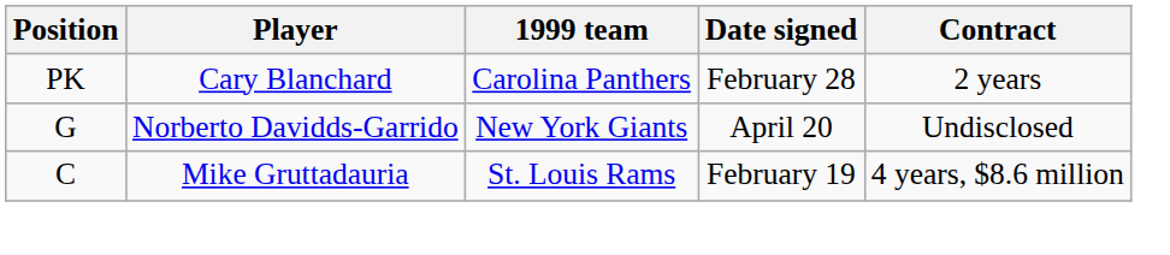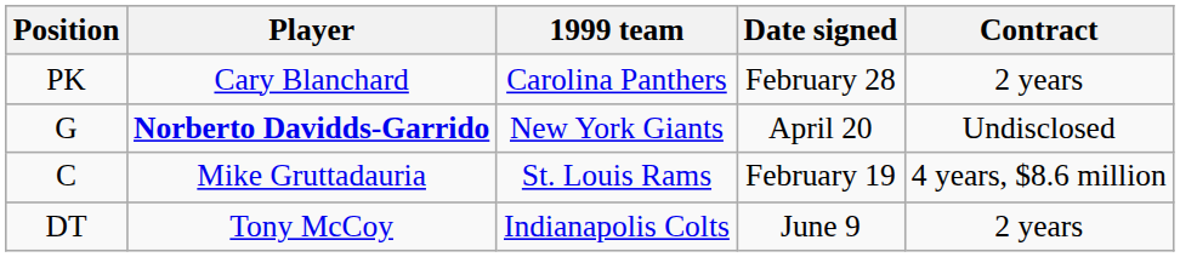 <table class="wikitable" style="text-align:center">
 <tr>
 <th>Position</th>
 <th>Player</th>
 <th>1999 team</th>
 <th>Date signed</th>
 <th>Contract</th>
 </tr>
 <tr>
 <td>PK</td>
 <td><a href='#'>Cary Blanchard</a></td>
 <td><a href='#'>Carolina Panthers</a></td>
 <td>February 28</td>
 <td>2 years</td>
 </tr>
 <tr>
 <td>G</td>
-<td><a href='#'>Norberto Davidds-Garrido</a></td>
+<td><strong><a href='#'>Norberto Davidds-Garrido</a></strong></td>
 <td><a href='#'>New York Giants</a></td>
 <td>April 20</td>
 <td>Undisclosed</td>
 </tr>
 <tr>
 <td>C</td>
 <td><a href='#'>Mike Gruttadauria</a></td>
 <td><a href='#'>St. Louis Rams</a></td>
 <td>February 19</td>
 <td>4 years, $8.6 million</td>
 </tr>
+<tr>
+<td>DT</td>
+<td><a href='#'>Tony McCoy</a></td>
+<td><a href='#'>Indianapolis Colts</a></td>
+<td>June 9</td>
+<td>2 years</td>
+</tr>
 </table>
